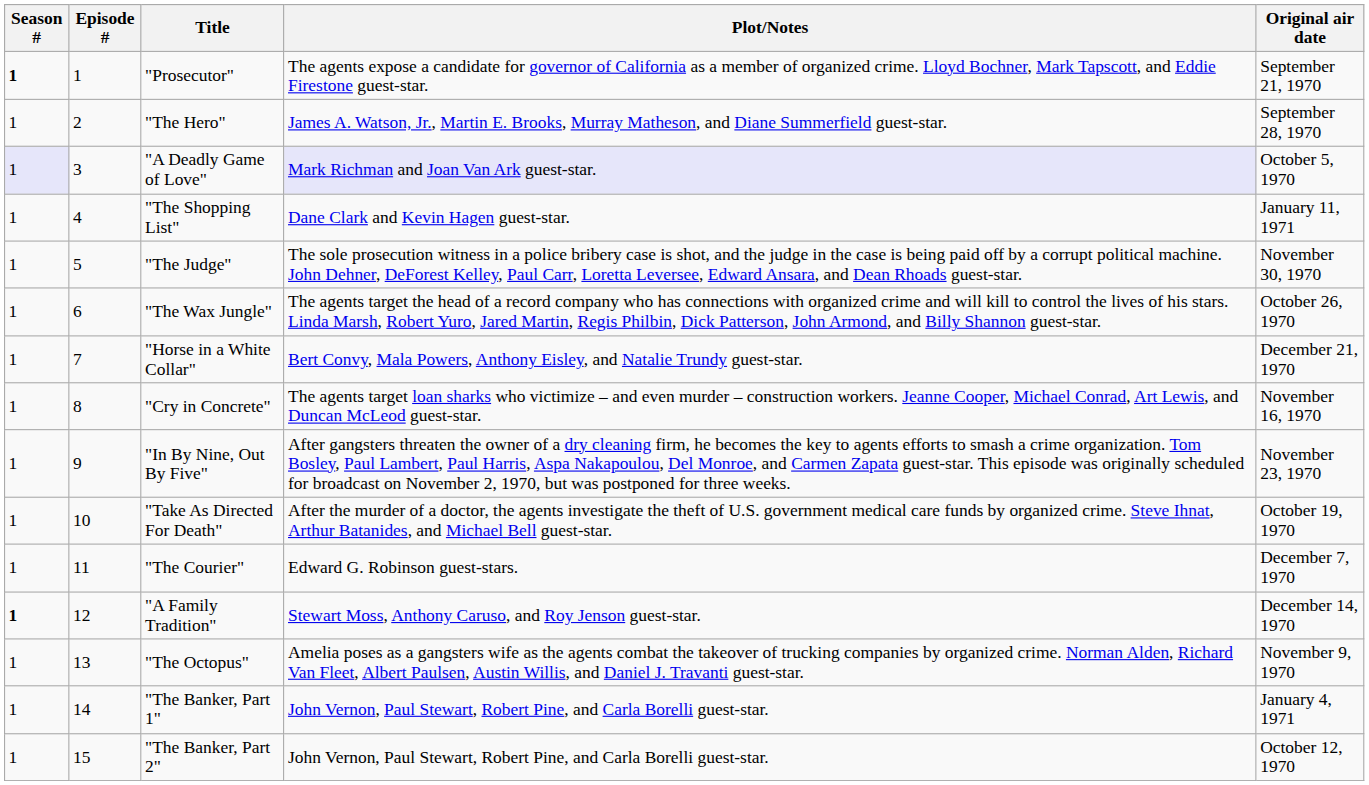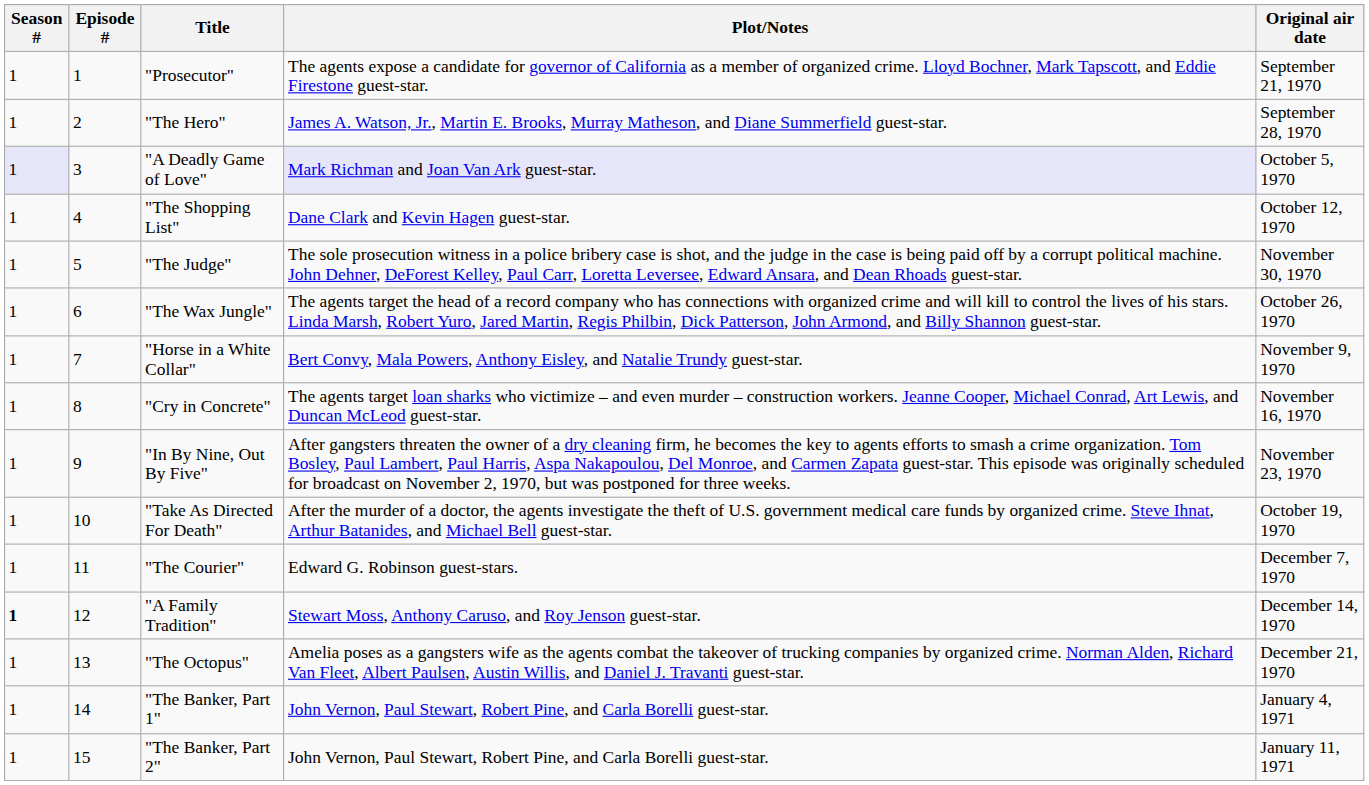 <table class="wikitable">
 <tr bgcolor="#CCCCCC">
 <th>Season #</th>
 <th>Episode #</th>
 <th>Title</th>
 <th>Plot/Notes</th>
 <th>Original air date</th>
 </tr>
 <tr>
-<td><strong>1</strong></td>
+<td>1</td>
 <td>1</td>
 <td>"Prosecutor"</td>
 <td>The agents expose a candidate for <a href='#'>governor of California</a> as a member of organized crime. <a href='#'>Lloyd Bochner</a>, <a href='#'>Mark Tapscott</a>, and <a href='#'>Eddie Firestone</a> guest-star.</td>
 <td>September 21, 1970</td>
 </tr>
 <tr>
 <td>1</td>
 <td>2</td>
 <td>"The Hero"</td>
 <td><a href='#'>James A. Watson, Jr.</a>, <a href='#'>Martin E. Brooks</a>, <a href='#'>Murray Matheson</a>, and <a href='#'>Diane Summerfield</a> guest-star.</td>
 <td>September 28, 1970</td>
 </tr>
 <tr>
 <td style="background: lavender;">1</td>
 <td>3</td>
 <td>"A Deadly Game of Love"</td>
 <td style="background: lavender;"><a href='#'>Mark Richman</a> and <a href='#'>Joan Van Ark</a> guest-star.</td>
 <td>October 5, 1970</td>
 </tr>
 <tr>
 <td>1</td>
 <td>4</td>
 <td>"The Shopping List"</td>
 <td><a href='#'>Dane Clark</a> and <a href='#'>Kevin Hagen</a> guest-star.</td>
-<td>January 11, 1971</td>
+<td>October 12, 1970</td>
 </tr>
 <tr>
 <td>1</td>
 <td>5</td>
 <td>"The Judge"</td>
 <td>The sole prosecution witness in a police bribery case is shot, and the judge in the case is being paid off by a corrupt political machine. <a href='#'>John Dehner</a>, <a href='#'>DeForest Kelley</a>, <a href='#'>Paul Carr</a>, <a href='#'>Loretta Leversee</a>, <a href='#'>Edward Ansara</a>, and <a href='#'>Dean Rhoads</a> guest-star.</td>
 <td>November 30, 1970</td>
 </tr>
 <tr>
 <td>1</td>
 <td>6</td>
 <td>"The Wax Jungle"</td>
 <td>The agents target the head of a record company who has connections with organized crime and will kill to control the lives of his stars. <a href='#'>Linda Marsh</a>, <a href='#'>Robert Yuro</a>, <a href='#'>Jared Martin</a>, <a href='#'>Regis Philbin</a>, <a href='#'>Dick Patterson</a>, <a href='#'>John Armond</a>, and <a href='#'>Billy Shannon</a> guest-star.</td>
 <td>October 26, 1970</td>
 </tr>
 <tr>
 <td>1</td>
 <td>7</td>
 <td>"Horse in a White Collar"</td>
 <td><a href='#'>Bert Convy</a>, <a href='#'>Mala Powers</a>, <a href='#'>Anthony Eisley</a>, and <a href='#'>Natalie Trundy</a> guest-star.</td>
-<td>December 21, 1970</td>
+<td>November 9, 1970</td>
 </tr>
 <tr>
 <td>1</td>
 <td>8</td>
 <td>"Cry in Concrete"</td>
 <td>The agents target <a href='#'>loan sharks</a> who victimize – and even murder – construction workers. <a href='#'>Jeanne Cooper</a>, <a href='#'>Michael Conrad</a>, <a href='#'>Art Lewis</a>, and <a href='#'>Duncan McLeod</a> guest-star.</td>
 <td>November 16, 1970</td>
 </tr>
 <tr>
 <td>1</td>
 <td>9</td>
 <td>"In By Nine, Out By Five"</td>
 <td>After gangsters threaten the owner of a <a href='#'>dry cleaning</a> firm, he becomes the key to agents efforts to smash a crime organization. <a href='#'>Tom Bosley</a>, <a href='#'>Paul Lambert</a>, <a href='#'>Paul Harris</a>, <a href='#'>Aspa Nakapoulou</a>, <a href='#'>Del Monroe</a>, and <a href='#'>Carmen Zapata</a> guest-star. This episode was originally scheduled for broadcast on November 2, 1970, but was postponed for three weeks.</td>
 <td>November 23, 1970</td>
 </tr>
 <tr>
 <td>1</td>
 <td>10</td>
 <td>"Take As Directed For Death"</td>
 <td>After the murder of a doctor, the agents investigate the theft of U.S. government medical care funds by organized crime. <a href='#'>Steve Ihnat</a>, <a href='#'>Arthur Batanides</a>, and <a href='#'>Michael Bell</a> guest-star.</td>
 <td>October 19, 1970</td>
 </tr>
 <tr>
 <td>1</td>
 <td>11</td>
 <td>"The Courier"</td>
 <td>Edward G. Robinson guest-stars.</td>
 <td>December 7, 1970</td>
 </tr>
 <tr>
 <td><strong>1</strong></td>
 <td>12</td>
 <td>"A Family Tradition"</td>
 <td><a href='#'>Stewart Moss</a>, <a href='#'>Anthony Caruso</a>, and <a href='#'>Roy Jenson</a> guest-star.</td>
 <td>December 14, 1970</td>
 </tr>
 <tr>
 <td>1</td>
 <td>13</td>
 <td>"The Octopus"</td>
 <td>Amelia poses as a gangsters wife as the agents combat the takeover of trucking companies by organized crime. <a href='#'>Norman Alden</a>, <a href='#'>Richard Van Fleet</a>, <a href='#'>Albert Paulsen</a>, <a href='#'>Austin Willis</a>, and <a href='#'>Daniel J. Travanti</a> guest-star.</td>
-<td>November 9, 1970</td>
+<td>December 21, 1970</td>
 </tr>
 <tr>
 <td>1</td>
 <td>14</td>
 <td>"The Banker, Part 1"</td>
 <td><a href='#'>John Vernon</a>, <a href='#'>Paul Stewart</a>, <a href='#'>Robert Pine</a>, and <a href='#'>Carla Borelli</a> guest-star.</td>
 <td>January 4, 1971</td>
 </tr>
 <tr>
 <td>1</td>
 <td>15</td>
 <td>"The Banker, Part 2"</td>
 <td>John Vernon, Paul Stewart, Robert Pine, and Carla Borelli guest-star.</td>
-<td>October 12, 1970</td>
+<td>January 11, 1971</td>
 </tr>
 </table>
